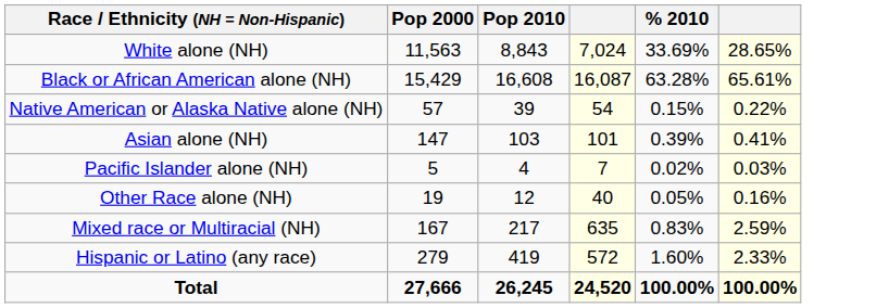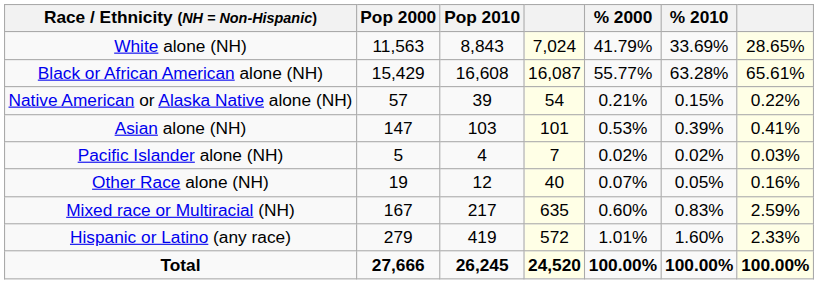 <table class="wikitable" style="text-align:center;">
 <tr>
 <th>Race / Ethnicity <small>(<em>NH = Non-Hispanic</em>)</small></th>
 <th>Pop 2000</th>
 <th>Pop 2010</th>
 <th></th>
+<th>% 2000</th>
 <th>% 2010</th>
 <th></th>
 </tr>
 <tr>
 <td><a href='#'>White</a> alone (NH)</td>
 <td>11,563</td>
 <td>8,843</td>
 <td style='background: #ffffe6;'>7,024</td>
+<td>41.79%</td>
 <td>33.69%</td>
 <td style='background: #ffffe6;'>28.65%</td>
 </tr>
 <tr>
 <td><a href='#'>Black or African American</a> alone (NH)</td>
 <td>15,429</td>
 <td>16,608</td>
 <td style='background: #ffffe6;'>16,087</td>
+<td>55.77%</td>
 <td>63.28%</td>
 <td style='background: #ffffe6;'>65.61%</td>
 </tr>
 <tr>
 <td><a href='#'>Native American</a> or <a href='#'>Alaska Native</a> alone (NH)</td>
 <td>57</td>
 <td>39</td>
 <td style='background: #ffffe6;'>54</td>
+<td>0.21%</td>
 <td>0.15%</td>
 <td style='background: #ffffe6;'>0.22%</td>
 </tr>
 <tr>
 <td><a href='#'>Asian</a> alone (NH)</td>
 <td>147</td>
 <td>103</td>
 <td style='background: #ffffe6;'>101</td>
+<td>0.53%</td>
 <td>0.39%</td>
 <td style='background: #ffffe6;'>0.41%</td>
 </tr>
 <tr>
 <td><a href='#'>Pacific Islander</a> alone (NH)</td>
 <td>5</td>
 <td>4</td>
 <td style='background: #ffffe6;'>7</td>
 <td>0.02%</td>
+<td>0.02%</td>
 <td style='background: #ffffe6;'>0.03%</td>
 </tr>
 <tr>
 <td><a href='#'>Other Race</a> alone (NH)</td>
 <td>19</td>
 <td>12</td>
 <td style='background: #ffffe6;'>40</td>
+<td>0.07%</td>
 <td>0.05%</td>
 <td style='background: #ffffe6;'>0.16%</td>
 </tr>
 <tr>
 <td><a href='#'>Mixed race or Multiracial</a> (NH)</td>
 <td>167</td>
 <td>217</td>
 <td style='background: #ffffe6;'>635</td>
+<td>0.60%</td>
 <td>0.83%</td>
 <td style='background: #ffffe6;'>2.59%</td>
 </tr>
 <tr>
 <td><a href='#'>Hispanic or Latino</a> (any race)</td>
 <td>279</td>
 <td>419</td>
 <td style='background: #ffffe6;'>572</td>
+<td>1.01%</td>
 <td>1.60%</td>
 <td style='background: #ffffe6;'>2.33%</td>
 </tr>
 <tr>
 <td><strong>Total</strong></td>
 <td><strong>27,666</strong></td>
 <td><strong>26,245</strong></td>
 <td style='background: #ffffe6;'><strong>24,520</strong></td>
 <td><strong>100.00%</strong></td>
+<td><strong>100.00%</strong></td>
 <td style='background: #ffffe6;'><strong>100.00%</strong></td>
 </tr>
 </table>
